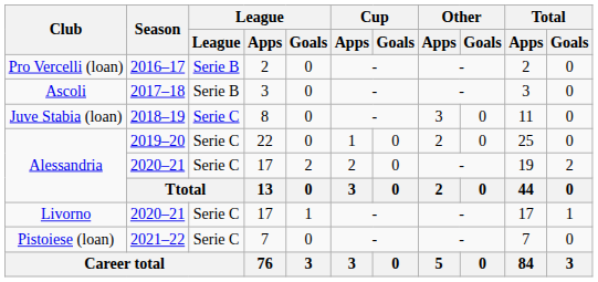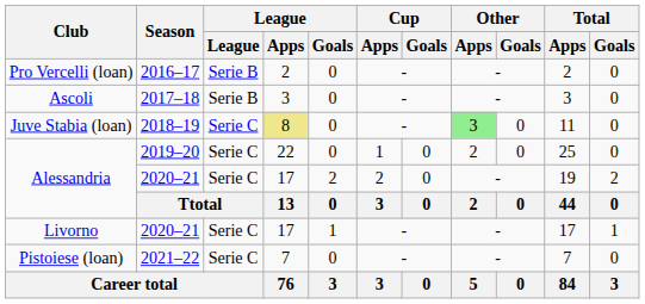 <table class="wikitable" style="text-align: center;">
 <tr>
 <th rowspan="2">Club</th>
 <th rowspan="2">Season</th>
 <th colspan="3">League</th>
 <th colspan="2">Cup</th>
 <th colspan="2">Other</th>
 <th colspan="2">Total</th>
 </tr>
 <tr>
 <th>League</th>
 <th>Apps</th>
 <th>Goals</th>
 <th>Apps</th>
 <th>Goals</th>
 <th>Apps</th>
 <th>Goals</th>
 <th>Apps</th>
 <th>Goals</th>
 </tr>
 <tr>
 <td><a href='#'>Pro Vercelli</a> (loan)</td>
 <td><a href='#'>2016–17</a></td>
 <td><a href='#'>Serie B</a></td>
 <td>2</td>
 <td>0</td>
 <td colspan="2">-</td>
 <td colspan="2">-</td>
 <td>2</td>
 <td>0</td>
 </tr>
 <tr>
 <td><a href='#'>Ascoli</a></td>
 <td><a href='#'>2017–18</a></td>
 <td>Serie B</td>
 <td>3</td>
 <td>0</td>
 <td colspan="2">-</td>
 <td colspan="2">-</td>
 <td>3</td>
 <td>0</td>
 </tr>
 <tr>
 <td><a href='#'>Juve Stabia</a> (loan)</td>
 <td><a href='#'>2018–19</a></td>
 <td><a href='#'>Serie C</a></td>
-<td>8</td>
+<td style="background: khaki;">8</td>
 <td>0</td>
 <td colspan="2">-</td>
-<td>3</td>
+<td style="background: lightgreen;">3</td>
 <td>0</td>
 <td>11</td>
 <td>0</td>
 </tr>
 <tr>
 <td rowspan="3"><a href='#'>Alessandria</a></td>
 <td><a href='#'>2019–20</a></td>
 <td>Serie C</td>
 <td>22</td>
 <td>0</td>
 <td>1</td>
 <td>0</td>
 <td>2</td>
 <td>0</td>
 <td>25</td>
 <td>0</td>
 </tr>
 <tr>
 <td><a href='#'>2020–21</a></td>
 <td>Serie C</td>
 <td>17</td>
 <td>2</td>
 <td>2</td>
 <td>0</td>
 <td colspan="2">-</td>
 <td>19</td>
 <td>2</td>
 </tr>
 <tr>
 <th colspan="2">Ttotal</th>
 <th>13</th>
 <th>0</th>
 <th>3</th>
 <th>0</th>
 <th>2</th>
 <th>0</th>
 <th>44</th>
 <th>0</th>
 </tr>
 <tr>
 <td><a href='#'>Livorno</a></td>
 <td><a href='#'>2020–21</a></td>
 <td>Serie C</td>
 <td>17</td>
 <td>1</td>
 <td colspan="2">-</td>
 <td colspan="2">-</td>
 <td>17</td>
 <td>1</td>
 </tr>
 <tr>
 <td><a href='#'>Pistoiese</a> (loan)</td>
 <td><a href='#'>2021–22</a></td>
 <td>Serie C</td>
 <td>7</td>
 <td>0</td>
 <td colspan="2">-</td>
 <td colspan="2">-</td>
 <td>7</td>
 <td>0</td>
 </tr>
 <tr>
 <th colspan="3">Career total</th>
 <th>76</th>
 <th>3</th>
 <th>3</th>
 <th>0</th>
 <th>5</th>
 <th>0</th>
 <th>84</th>
 <th>3</th>
 </tr>
 </table>
